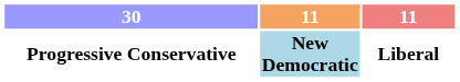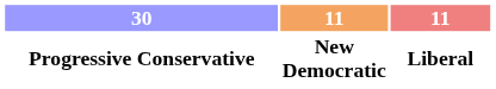 <table style="width:60%; text-align:center;">
 <tr style="color:white;">
 <td style="background:#9999FF; width:57.69%;"><strong>30</strong></td>
 <td style="background:#F4A460; width:21.15%;"><strong>11</strong></td>
 <td style="background:#F08080; width:21.15%;"><strong>11</strong></td>
 </tr>
 <tr>
 <td><span><strong>Progressive Conservative</strong></span></td>
-<td style="background: lightblue;"><span><strong>New Democratic</strong></span></td>
+<td><span><strong>New Democratic</strong></span></td>
 <td><span><strong>Liberal</strong></span></td>
 </tr>
 </table>
